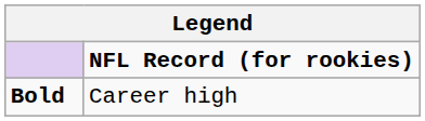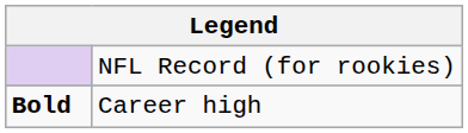 <table class="wikitable">
 <tr>
 <th colspan="2">Legend</th>
 </tr>
 <tr>
 <td style="background:#e0cef2; width:3em;"></td>
-<td><strong>NFL Record (for rookies)</strong></td>
+<td>NFL Record (for rookies)</td>
 </tr>
 <tr>
 <td><strong>Bold</strong></td>
 <td>Career high</td>
 </tr>
 </table>
